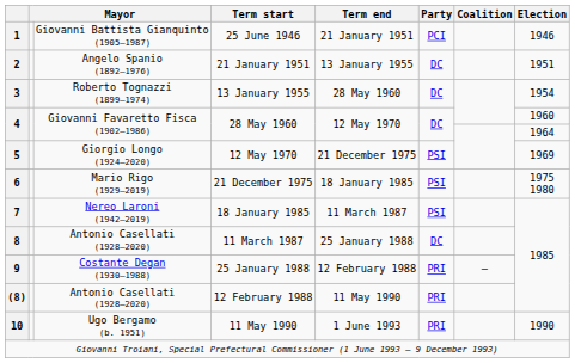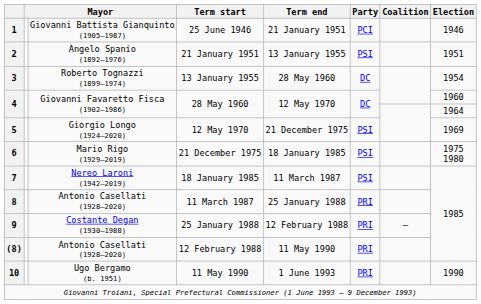 <table class="wikitable" style="text-align: center;">
 <tr>
 <th class=unsortable> </th>
 <th colspan="2">Mayor</th>
 <th>Term start</th>
 <th>Term end</th>
 <th>Party</th>
 <th>Coalition</th>
 <th>Election</th>
 </tr>
 <tr>
 <th style="background:">1</th>
 <td></td>
 <td>Giovanni Battista Gianquinto<br><small>(1905–1987)</small></td>
 <td>25 June 1946</td>
 <td>21 January 1951</td>
 <td><a href='#'>PCI</a></td>
 <td></td>
 <td>1946</td>
 </tr>
 <tr>
 <th style="background:">2</th>
 <td></td>
 <td>Angelo Spanio<br><small>(1892–1976)</small></td>
 <td>21 January 1951</td>
 <td>13 January 1955</td>
-<td><a href='#'>DC</a></td>
+<td><a href='#'>PSI</a></td>
 <td></td>
 <td>1951</td>
 </tr>
 <tr>
 <th style="background:">3</th>
 <td></td>
 <td>Roberto Tognazzi<br><small>(1899–1974)</small></td>
 <td>13 January 1955</td>
 <td>28 May 1960</td>
 <td><a href='#'>DC</a></td>
 <td rowspan=2></td>
 <td>1954</td>
 </tr>
 <tr>
 <th rowspan=2 style="background:">4</th>
 <td rowspan=2></td>
 <td rowspan=2>Giovanni Favaretto Fisca<br><small>(1902–1986)</small></td>
 <td rowspan=2>28 May 1960</td>
 <td rowspan=2>12 May 1970</td>
 <td rowspan=2><a href='#'>DC</a></td>
 <td>1960</td>
 </tr>
 <tr>
 <td rowspan=2></td>
 <td>1964</td>
 </tr>
 <tr>
 <th style="background:">5</th>
 <td></td>
 <td>Giorgio Longo<br><small>(1924–2020)</small></td>
 <td>12 May 1970</td>
 <td>21 December 1975</td>
 <td><a href='#'>PSI</a></td>
 <td>1969</td>
 </tr>
 <tr>
 <th style="background:">6</th>
 <td></td>
 <td>Mario Rigo<br><small>(1929–2019)</small></td>
 <td>21 December 1975</td>
 <td>18 January 1985</td>
 <td><a href='#'>PSI</a></td>
 <td></td>
 <td>1975<br>1980</td>
 </tr>
 <tr>
 <th style="background:">7</th>
 <td></td>
 <td><a href='#'>Nereo Laroni</a><br><small>(1942–2019)</small></td>
 <td>18 January 1985</td>
 <td>11 March 1987</td>
 <td><a href='#'>PSI</a></td>
 <td></td>
 <td rowspan=4>1985</td>
 </tr>
 <tr>
 <th style="background:">8</th>
 <td></td>
 <td>Antonio Casellati<br><small>(1928–2020)</small></td>
 <td>11 March 1987</td>
 <td>25 January 1988</td>
-<td><a href='#'>DC</a></td>
+<td><a href='#'>PRI</a></td>
 <td></td>
 </tr>
 <tr>
 <th style="background:">9</th>
 <td></td>
 <td><a href='#'>Costante Degan</a><br><small>(1930–1988)</small></td>
 <td>25 January 1988</td>
 <td>12 February 1988</td>
 <td><a href='#'>PRI</a></td>
 <td>—</td>
 </tr>
 <tr>
 <th style="background:">(8)</th>
 <td></td>
 <td>Antonio Casellati<br><small>(1928–2020)</small></td>
 <td>12 February 1988</td>
 <td>11 May 1990</td>
 <td><a href='#'>PRI</a></td>
 <td></td>
 </tr>
 <tr>
 <th style="background:">10</th>
 <td></td>
 <td>Ugo Bergamo<br><small>(b. 1951)</small></td>
 <td>11 May 1990</td>
 <td>1 June 1993</td>
 <td><a href='#'>PRI</a></td>
 <td></td>
 <td>1990</td>
 </tr>
 <tr>
 <td colspan=8><small><em>Giovanni Troiani, Special Prefectural Commissioner (1 June 1993 – 9 December 1993)</em></small></td>
 </tr>
 </table>
